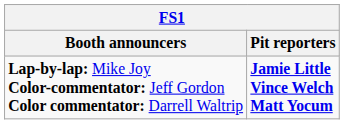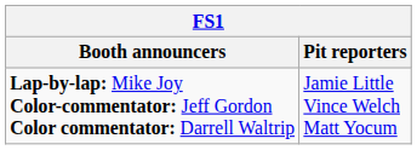 <table class="wikitable" style="font-size: 95%">
 <tr>
 <th colspan="2"><a href='#'>FS1</a></th>
 </tr>
 <tr>
 <th>Booth announcers</th>
 <th>Pit reporters</th>
 </tr>
 <tr>
 <td><strong>Lap-by-lap:</strong> <a href='#'>Mike Joy</a><br><strong>Color-commentator:</strong> <a href='#'>Jeff Gordon</a><br><strong>Color commentator:</strong> <a href='#'>Darrell Waltrip</a></td>
-<td><strong><a href='#'>Jamie Little</a><br><a href='#'>Vince Welch</a><br><a href='#'>Matt Yocum</a></strong></td>
+<td><a href='#'>Jamie Little</a><br><a href='#'>Vince Welch</a><br><a href='#'>Matt Yocum</a></td>
 </tr>
 </table>
